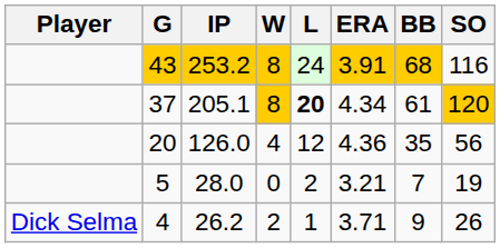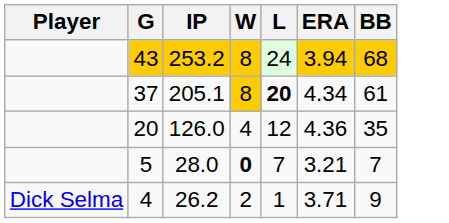 <table class="wikitable sortable">
 <tr>
 <th>Player</th>
 <th>G</th>
 <th>IP</th>
 <th>W</th>
 <th>L</th>
 <th>ERA</th>
 <th>BB</th>
-<th>SO</th>
 </tr>
 <tr align="center">
 <td></td>
 <td bgcolor="#FFCC00">43</td>
 <td bgcolor="#FFCC00">253.2</td>
 <td bgcolor="#FFCC00">8</td>
 <td bgcolor="#DDFFDD">24</td>
-<td bgcolor="#FFCC00">3.91</td>
+<td bgcolor="#FFCC00">3.94</td>
 <td bgcolor="#FFCC00">68</td>
-<td>116</td>
 </tr>
 <tr align="center">
 <td></td>
 <td>37</td>
 <td>205.1</td>
 <td bgcolor="#FFCC00">8</td>
 <td><strong>20</strong></td>
 <td>4.34</td>
 <td>61</td>
-<td bgcolor="#FFCC00">120</td>
 </tr>
 <tr align="center">
 <td></td>
 <td>20</td>
 <td>126.0</td>
 <td>4</td>
 <td>12</td>
 <td>4.36</td>
 <td>35</td>
-<td>56</td>
 </tr>
 <tr align="center">
 <td></td>
 <td>5</td>
 <td>28.0</td>
-<td>0</td>
-<td>2</td>
+<td><strong>0</strong></td>
+<td>7</td>
 <td>3.21</td>
 <td>7</td>
-<td>19</td>
 </tr>
 <tr align="center">
 <td><a href='#'>Dick Selma</a></td>
 <td>4</td>
 <td>26.2</td>
 <td>2</td>
 <td>1</td>
 <td>3.71</td>
 <td>9</td>
-<td>26</td>
 </tr>
 </table>
